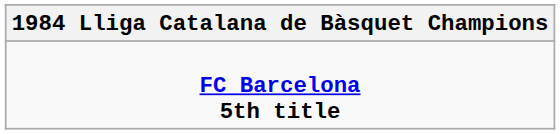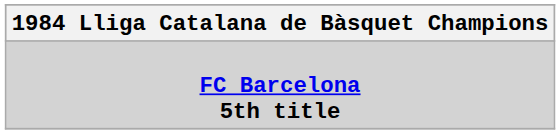 <table class=wikitable style="text-align:center; margin:auto">
 <tr>
 <th>1984 Lliga Catalana de Bàsquet Champions</th>
 </tr>
 <tr>
-<td> <br> <strong><a href='#'>FC Barcelona</a></strong> <br> <strong>5th title</strong></td>
+<td style="background: lightgrey;"> <br> <strong><a href='#'>FC Barcelona</a></strong> <br> <strong>5th title</strong></td>
 </tr>
 </table>
